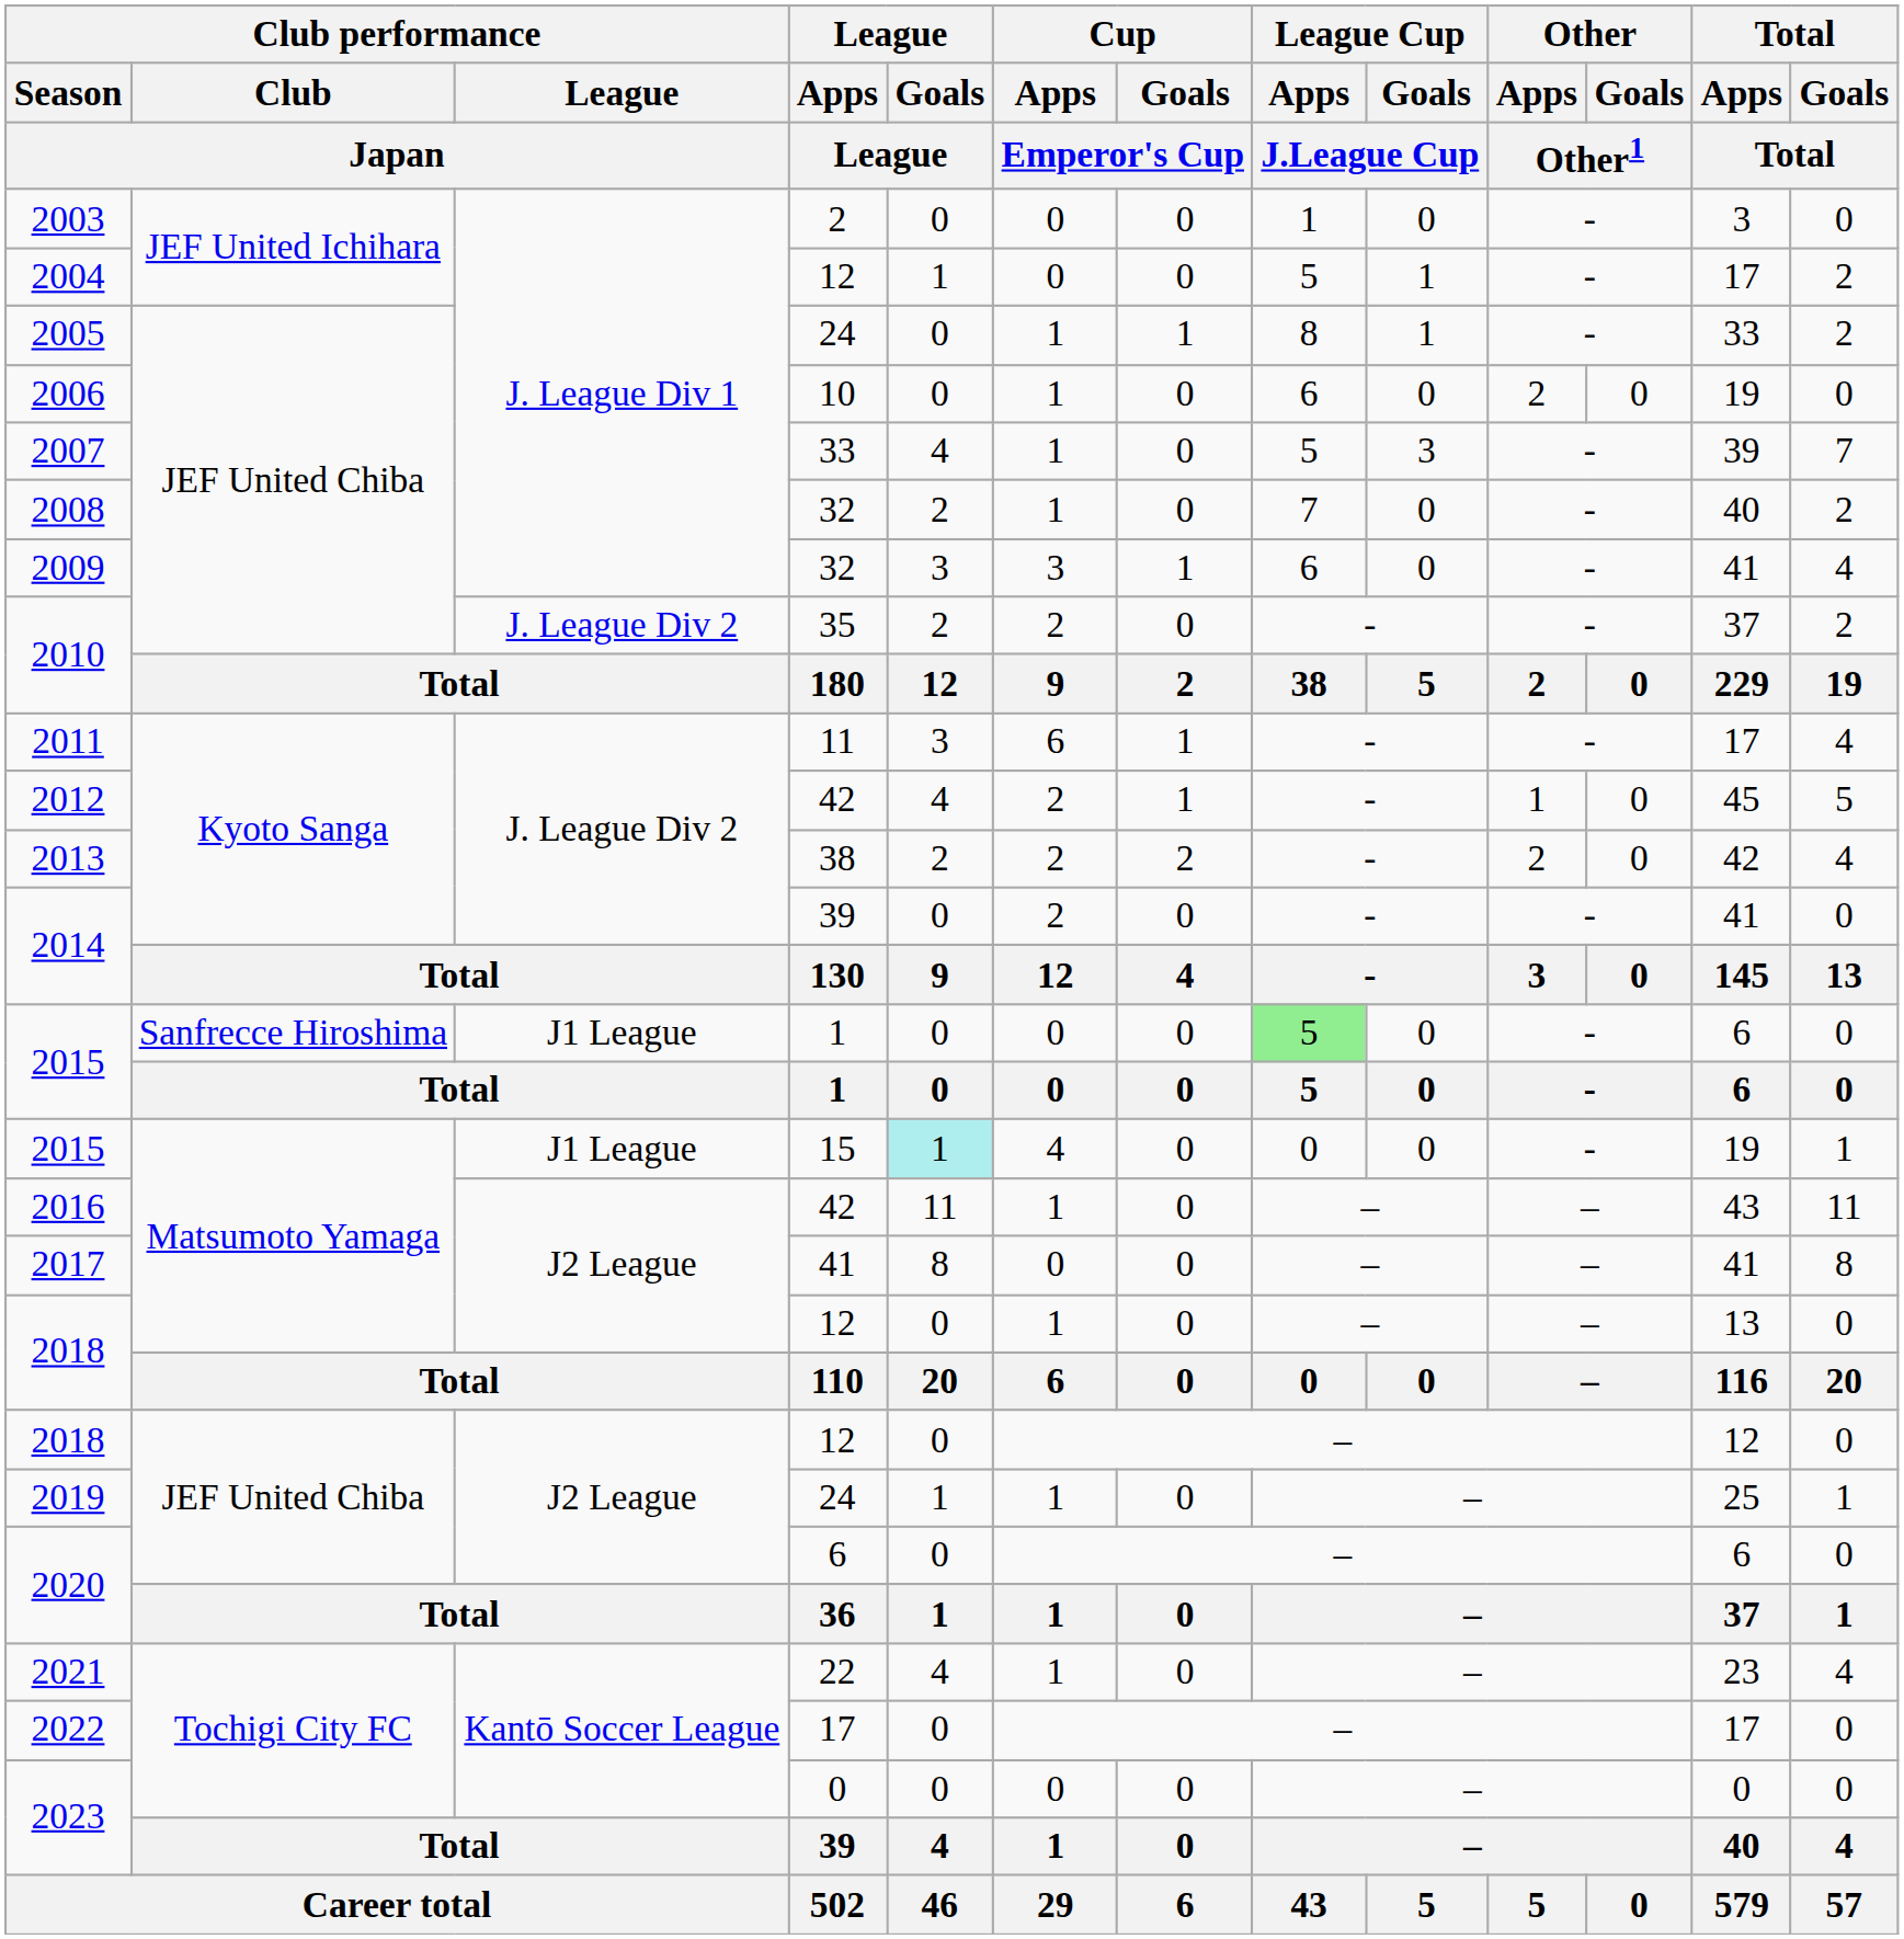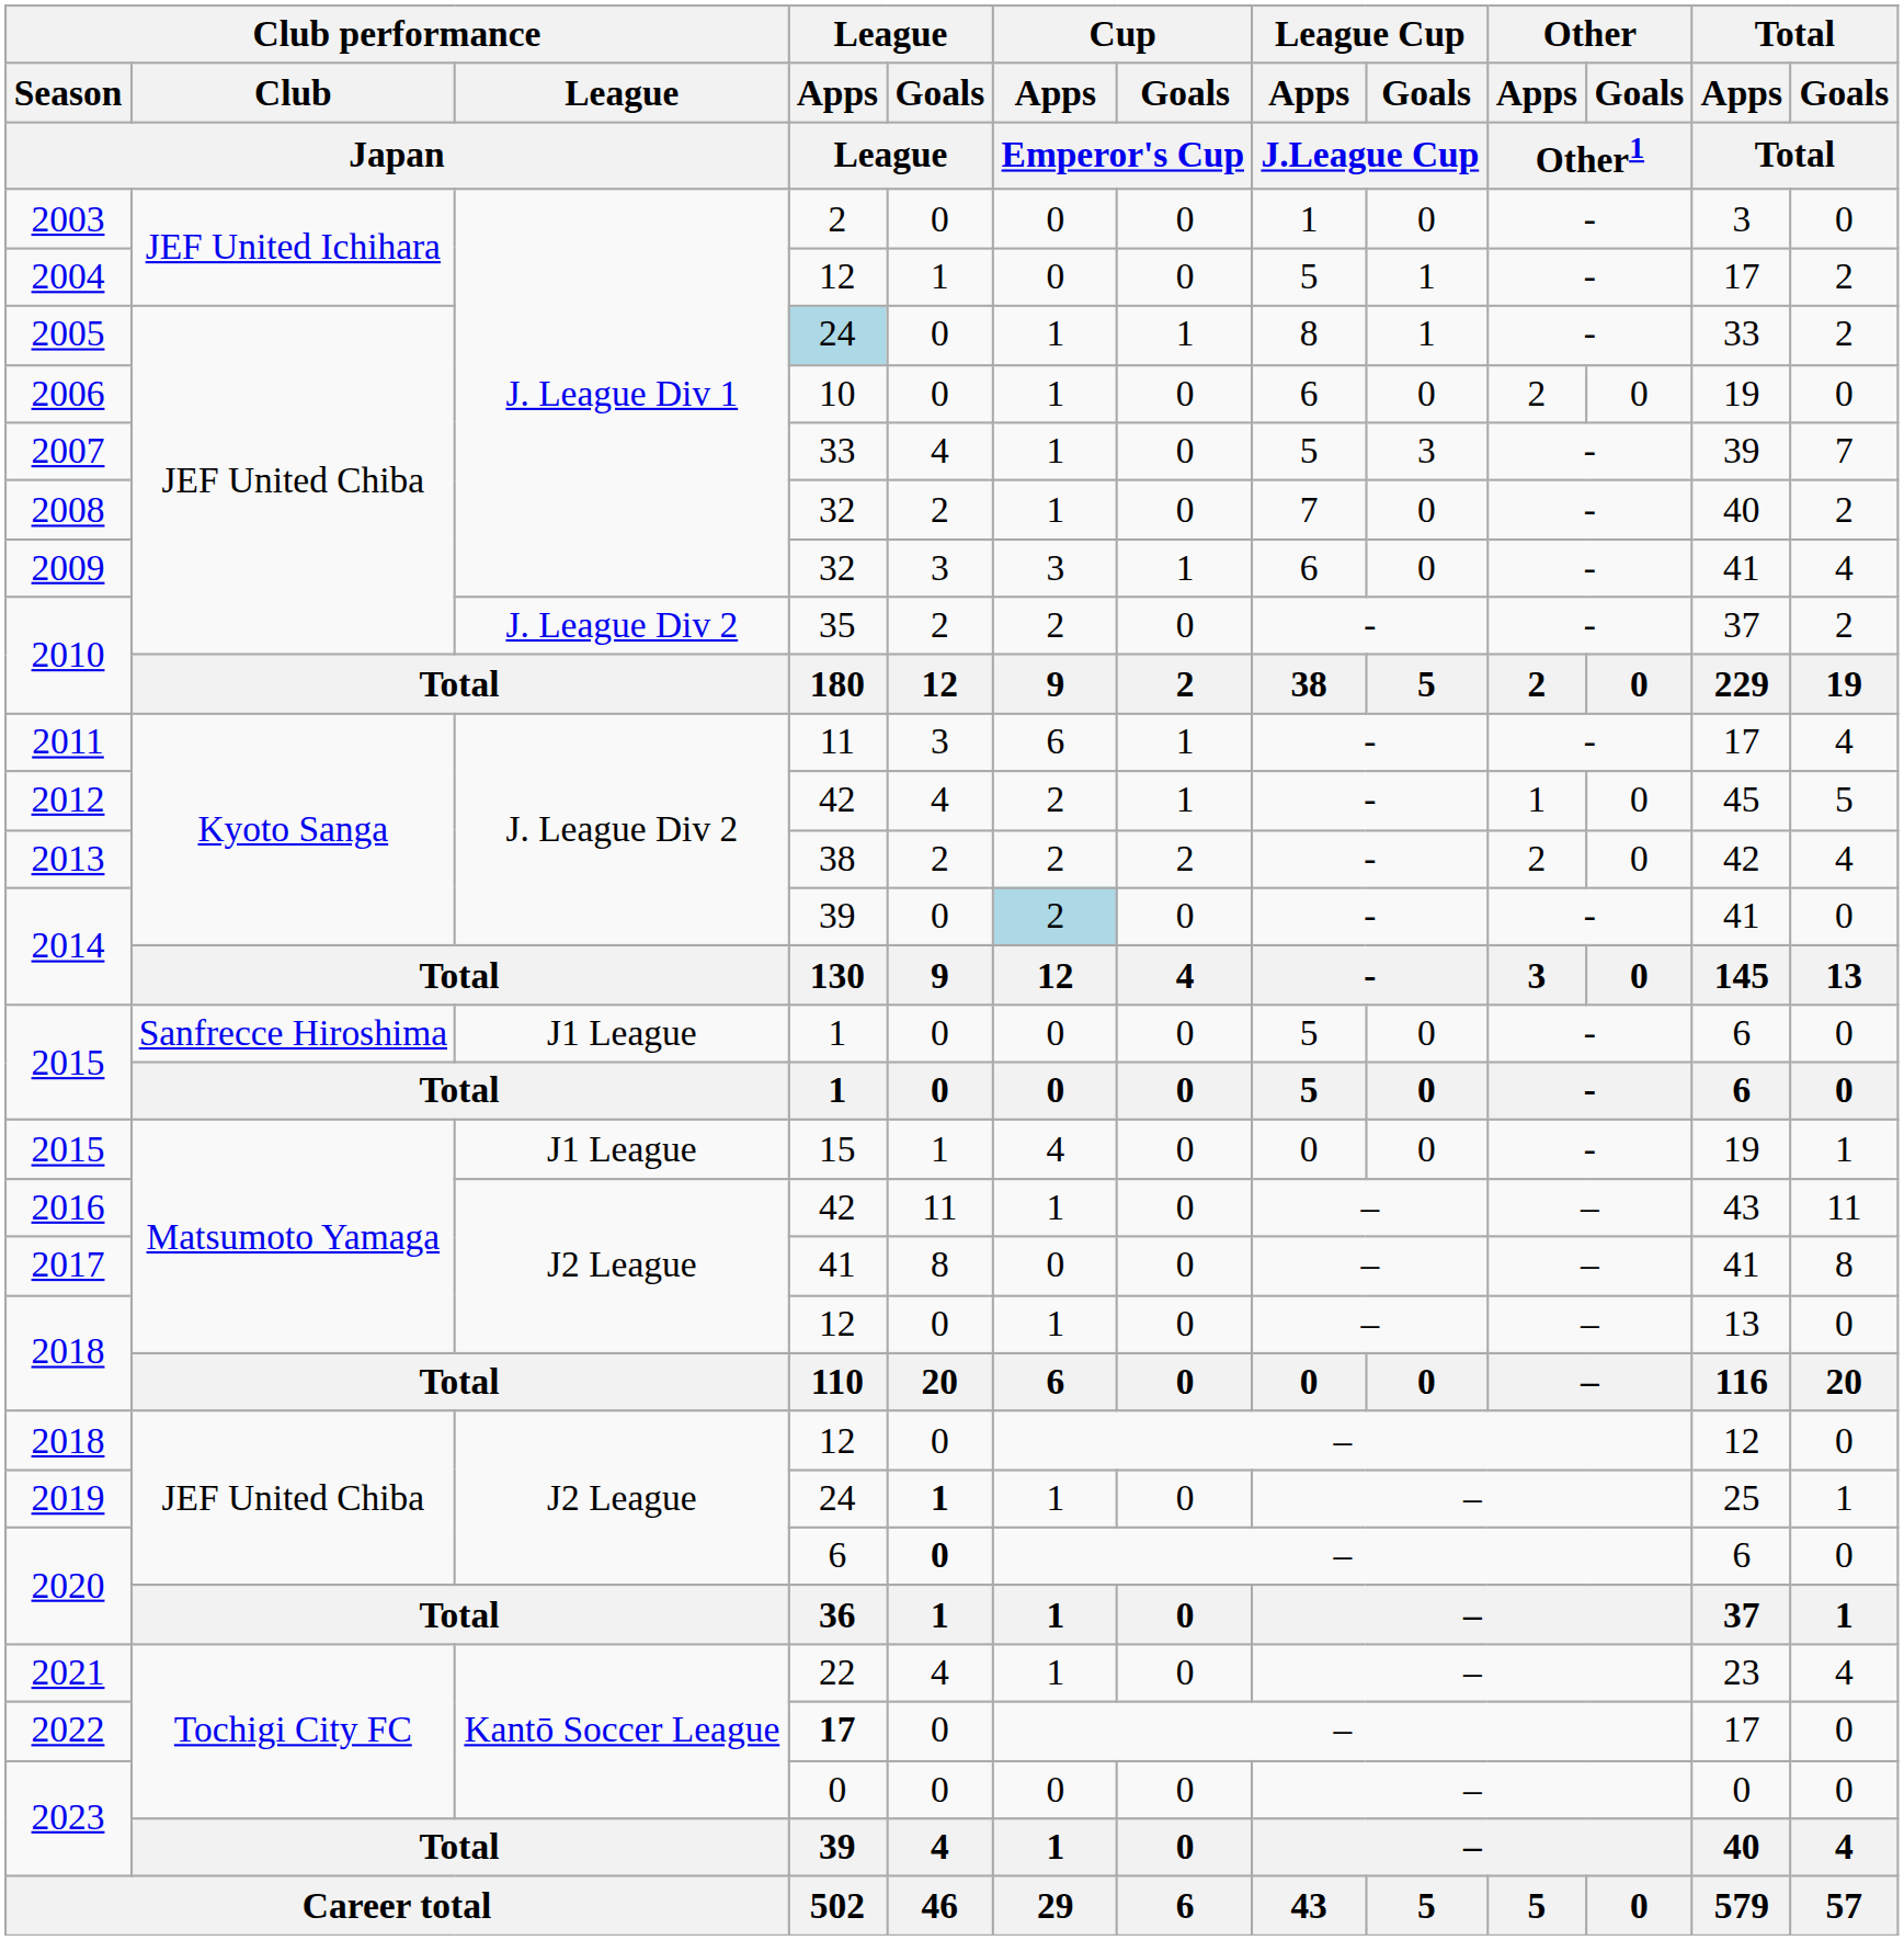 <table class="wikitable" style="text-align:center;">
 <tr>
 <th colspan=3>Club performance</th>
 <th colspan=2>League</th>
 <th colspan=2>Cup</th>
 <th colspan=2>League Cup</th>
 <th colspan="2">Other</th>
 <th colspan=2>Total</th>
 </tr>
 <tr>
 <th>Season</th>
 <th>Club</th>
 <th>League</th>
 <th>Apps</th>
 <th>Goals</th>
 <th>Apps</th>
 <th>Goals</th>
 <th>Apps</th>
 <th>Goals</th>
 <th>Apps</th>
 <th>Goals</th>
 <th>Apps</th>
 <th>Goals</th>
 </tr>
 <tr>
 <th colspan=3>Japan</th>
 <th colspan=2>League</th>
 <th colspan=2><a href='#'>Emperor's Cup</a></th>
 <th colspan=2><a href='#'>J.League Cup</a></th>
 <th colspan=2>Other<sup><a href='#'>1</a></sup></th>
 <th colspan=2>Total</th>
 </tr>
 <tr>
 <td><a href='#'>2003</a></td>
 <td rowspan="2"><a href='#'>JEF United Ichihara</a></td>
 <td rowspan="7"><a href='#'>J. League Div 1</a></td>
 <td>2</td>
 <td>0</td>
 <td>0</td>
 <td>0</td>
 <td>1</td>
 <td>0</td>
 <td colspan="2">-</td>
 <td>3</td>
 <td>0</td>
 </tr>
 <tr>
 <td><a href='#'>2004</a></td>
 <td>12</td>
 <td>1</td>
 <td>0</td>
 <td>0</td>
 <td>5</td>
 <td>1</td>
 <td colspan="2">-</td>
 <td>17</td>
 <td>2</td>
 </tr>
 <tr>
 <td><a href='#'>2005</a></td>
 <td rowspan="6">JEF United Chiba</td>
-<td>24</td>
+<td style="background: lightblue;">24</td>
 <td>0</td>
 <td>1</td>
 <td>1</td>
 <td>8</td>
 <td>1</td>
 <td colspan="2">-</td>
 <td>33</td>
 <td>2</td>
 </tr>
 <tr>
 <td><a href='#'>2006</a></td>
 <td>10</td>
 <td>0</td>
 <td>1</td>
 <td>0</td>
 <td>6</td>
 <td>0</td>
 <td>2</td>
 <td>0</td>
 <td>19</td>
 <td>0</td>
 </tr>
 <tr>
 <td><a href='#'>2007</a></td>
 <td>33</td>
 <td>4</td>
 <td>1</td>
 <td>0</td>
 <td>5</td>
 <td>3</td>
 <td colspan="2">-</td>
 <td>39</td>
 <td>7</td>
 </tr>
 <tr>
 <td><a href='#'>2008</a></td>
 <td>32</td>
 <td>2</td>
 <td>1</td>
 <td>0</td>
 <td>7</td>
 <td>0</td>
 <td colspan="2">-</td>
 <td>40</td>
 <td>2</td>
 </tr>
 <tr>
 <td><a href='#'>2009</a></td>
 <td>32</td>
 <td>3</td>
 <td>3</td>
 <td>1</td>
 <td>6</td>
 <td>0</td>
 <td colspan="2">-</td>
 <td>41</td>
 <td>4</td>
 </tr>
 <tr>
 <td rowspan="2"><a href='#'>2010</a></td>
 <td><a href='#'>J. League Div 2</a></td>
 <td>35</td>
 <td>2</td>
 <td>2</td>
 <td>0</td>
 <td colspan="2">-</td>
 <td colspan="2">-</td>
 <td>37</td>
 <td>2</td>
 </tr>
 <tr>
 <th colspan="2">Total</th>
 <th>180</th>
 <th>12</th>
 <th>9</th>
 <th>2</th>
 <th>38</th>
 <th>5</th>
 <th>2</th>
 <th>0</th>
 <th>229</th>
 <th>19</th>
 </tr>
 <tr>
 <td><a href='#'>2011</a></td>
 <td rowspan="4"><a href='#'>Kyoto Sanga</a></td>
 <td rowspan="4">J. League Div 2</td>
 <td>11</td>
 <td>3</td>
 <td>6</td>
 <td>1</td>
 <td colspan="2">-</td>
 <td colspan="2">-</td>
 <td>17</td>
 <td>4</td>
 </tr>
 <tr>
 <td><a href='#'>2012</a></td>
 <td>42</td>
 <td>4</td>
 <td>2</td>
 <td>1</td>
 <td colspan="2">-</td>
 <td>1</td>
 <td>0</td>
 <td>45</td>
 <td>5</td>
 </tr>
 <tr>
 <td><a href='#'>2013</a></td>
 <td>38</td>
 <td>2</td>
 <td>2</td>
 <td>2</td>
 <td colspan="2">-</td>
 <td>2</td>
 <td>0</td>
 <td>42</td>
 <td>4</td>
 </tr>
 <tr>
 <td rowspan="2"><a href='#'>2014</a></td>
 <td>39</td>
 <td>0</td>
-<td>2</td>
+<td style="background: lightblue;">2</td>
 <td>0</td>
 <td colspan="2">-</td>
 <td colspan="2">-</td>
 <td>41</td>
 <td>0</td>
 </tr>
 <tr>
 <th colspan="2">Total</th>
 <th>130</th>
 <th>9</th>
 <th>12</th>
 <th>4</th>
 <th colspan="2">-</th>
 <th>3</th>
 <th>0</th>
 <th>145</th>
 <th>13</th>
 </tr>
 <tr>
 <td rowspan="2"><a href='#'>2015</a></td>
 <td><a href='#'>Sanfrecce Hiroshima</a></td>
 <td>J1 League</td>
 <td>1</td>
 <td>0</td>
 <td>0</td>
 <td>0</td>
-<td style="background: lightgreen;">5</td>
+<td>5</td>
 <td>0</td>
 <td colspan="2">-</td>
 <td>6</td>
 <td>0</td>
 </tr>
 <tr>
 <th colspan="2">Total</th>
 <th>1</th>
 <th>0</th>
 <th>0</th>
 <th>0</th>
 <th>5</th>
 <th>0</th>
 <th colspan="2">-</th>
 <th>6</th>
 <th>0</th>
 </tr>
 <tr>
 <td><a href='#'>2015</a></td>
 <td rowspan="4"><a href='#'>Matsumoto Yamaga</a></td>
 <td>J1 League</td>
 <td>15</td>
-<td style="background: paleturquoise;">1</td>
+<td>1</td>
 <td>4</td>
 <td>0</td>
 <td>0</td>
 <td>0</td>
 <td colspan="2">-</td>
 <td>19</td>
 <td>1</td>
 </tr>
 <tr>
 <td><a href='#'>2016</a></td>
 <td rowspan="3">J2 League</td>
 <td>42</td>
 <td>11</td>
 <td>1</td>
 <td>0</td>
 <td colspan="2">–</td>
 <td colspan="2">–</td>
 <td>43</td>
 <td>11</td>
 </tr>
 <tr>
 <td><a href='#'>2017</a></td>
 <td>41</td>
 <td>8</td>
 <td>0</td>
 <td>0</td>
 <td colspan="2">–</td>
 <td colspan="2">–</td>
 <td>41</td>
 <td>8</td>
 </tr>
 <tr>
 <td rowspan="2"><a href='#'>2018</a></td>
 <td>12</td>
 <td>0</td>
 <td>1</td>
 <td>0</td>
 <td colspan="2">–</td>
 <td colspan="2">–</td>
 <td>13</td>
 <td>0</td>
 </tr>
 <tr>
 <th colspan="2">Total</th>
 <th>110</th>
 <th>20</th>
 <th>6</th>
 <th>0</th>
 <th>0</th>
 <th>0</th>
 <th colspan="2">–</th>
 <th>116</th>
 <th>20</th>
 </tr>
 <tr>
 <td><a href='#'>2018</a></td>
 <td rowspan="3">JEF United Chiba</td>
 <td rowspan="3">J2 League</td>
 <td>12</td>
 <td>0</td>
 <td colspan="6">–</td>
 <td>12</td>
 <td>0</td>
 </tr>
 <tr>
 <td><a href='#'>2019</a></td>
 <td>24</td>
-<td>1</td>
+<td><strong>1</strong></td>
 <td>1</td>
 <td>0</td>
 <td colspan="4">–</td>
 <td>25</td>
 <td>1</td>
 </tr>
 <tr>
 <td rowspan="2"><a href='#'>2020</a></td>
 <td>6</td>
-<td>0</td>
+<td><strong>0</strong></td>
 <td colspan="6">–</td>
 <td>6</td>
 <td>0</td>
 </tr>
 <tr>
 <th colspan="2">Total</th>
 <th>36</th>
 <th>1</th>
 <th>1</th>
 <th>0</th>
 <th colspan="4">–</th>
 <th>37</th>
 <th>1</th>
 </tr>
 <tr>
 <td><a href='#'>2021</a></td>
 <td rowspan="3"><a href='#'>Tochigi City FC</a></td>
 <td rowspan="3"><a href='#'>Kantō Soccer League</a></td>
 <td>22</td>
 <td>4</td>
 <td>1</td>
 <td>0</td>
 <td colspan="4">–</td>
 <td>23</td>
 <td>4</td>
 </tr>
 <tr>
 <td><a href='#'>2022</a></td>
-<td>17</td>
+<td><strong>17</strong></td>
 <td>0</td>
 <td colspan="6">–</td>
 <td>17</td>
 <td>0</td>
 </tr>
 <tr>
 <td rowspan="2"><a href='#'>2023</a></td>
 <td>0</td>
 <td>0</td>
 <td>0</td>
 <td>0</td>
 <td colspan="4">–</td>
 <td>0</td>
 <td>0</td>
 </tr>
 <tr>
 <th colspan="2">Total</th>
 <th>39</th>
 <th>4</th>
 <th>1</th>
 <th>0</th>
 <th colspan="4">–</th>
 <th>40</th>
 <th>4</th>
 </tr>
 <tr>
 <th colspan=3>Career total</th>
 <th>502</th>
 <th>46</th>
 <th>29</th>
 <th>6</th>
 <th>43</th>
 <th>5</th>
 <th>5</th>
 <th>0</th>
 <th>579</th>
 <th>57</th>
 </tr>
 </table>
